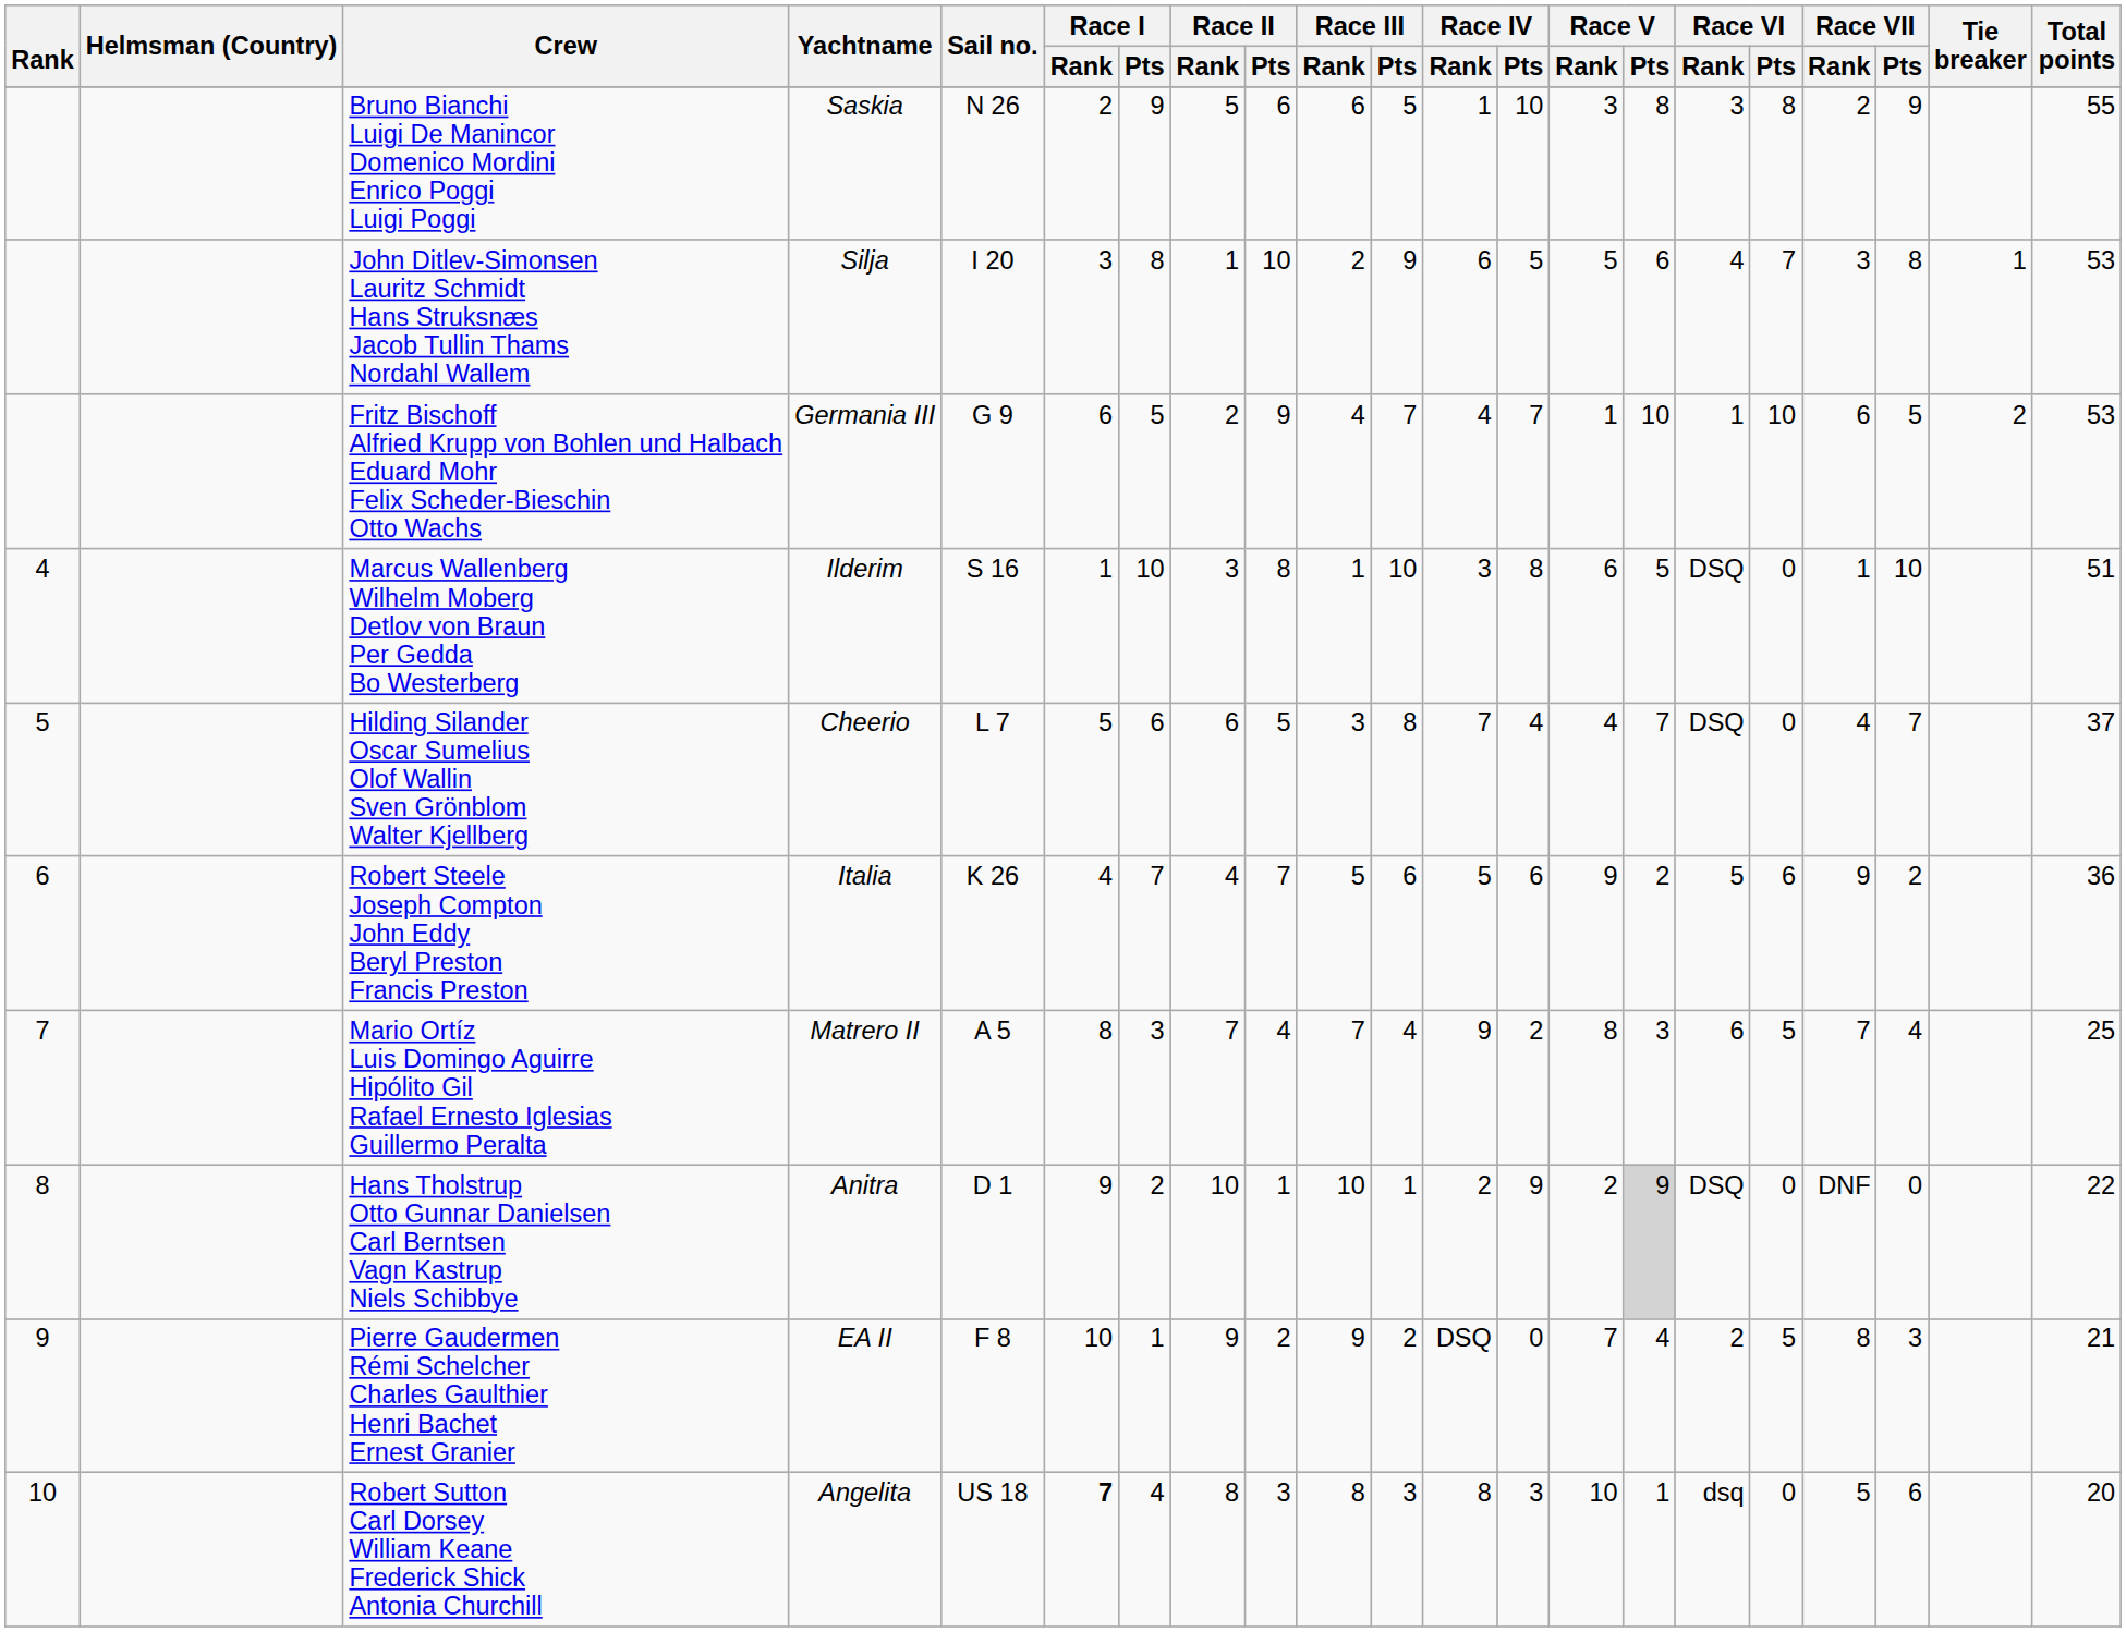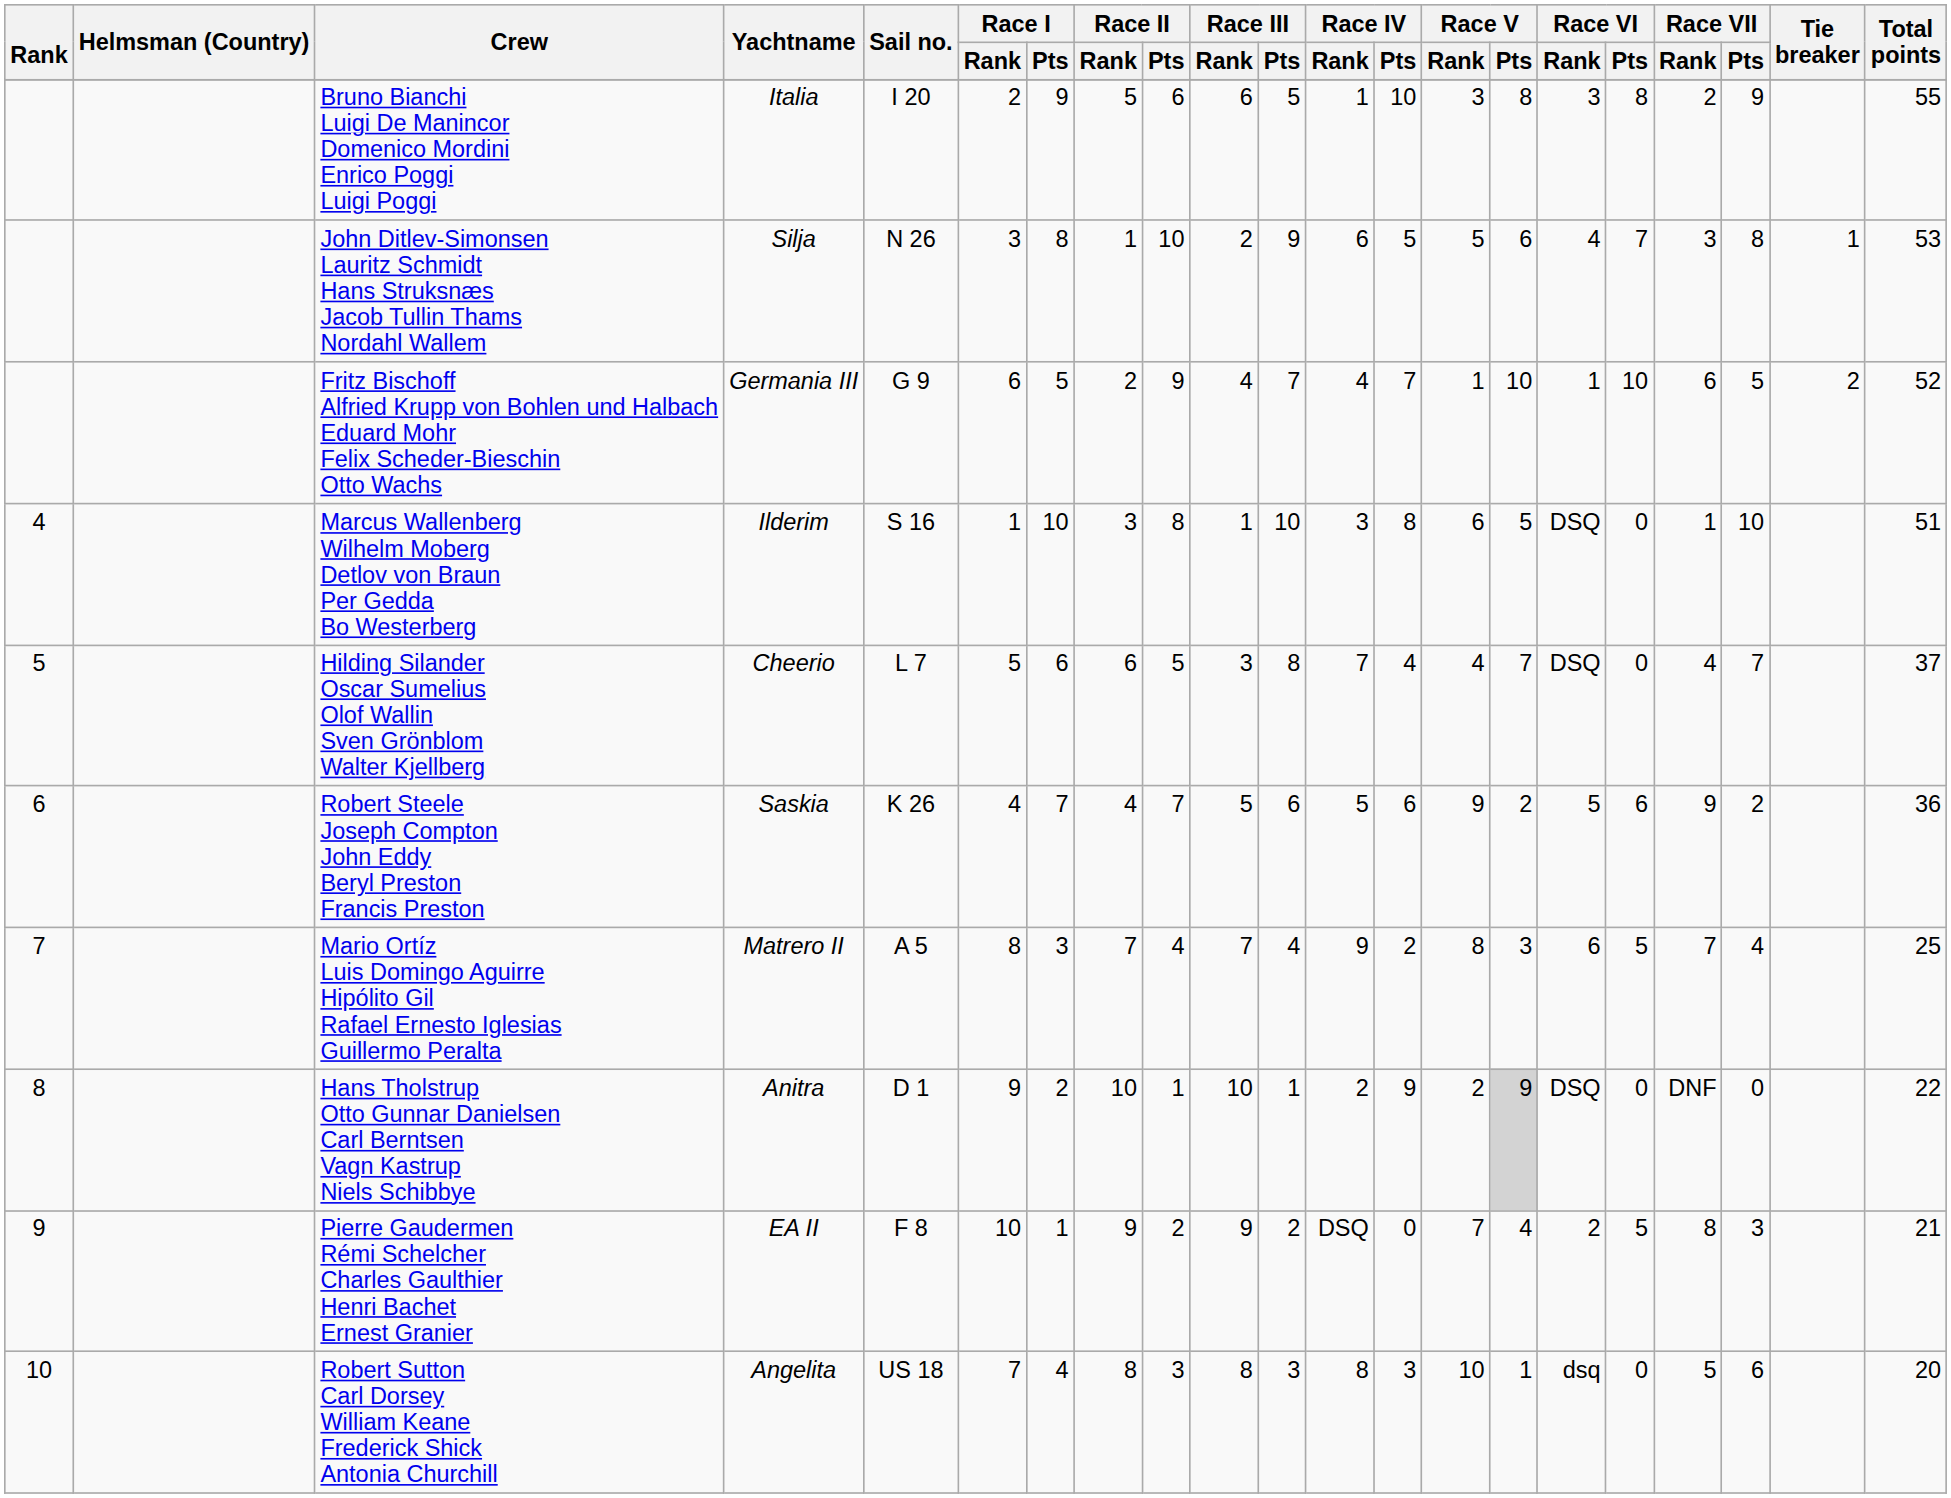 <table class="wikitable" style="text-align:right; font-size:90%">
 <tr>
 <th rowspan="2"><br>Rank</th>
 <th rowspan="2">Helmsman (Country)</th>
 <th rowspan="2">Crew</th>
 <th rowspan="2">Yachtname</th>
 <th rowspan="2">Sail no.</th>
 <th colspan="2">Race I</th>
 <th colspan="2">Race II</th>
 <th colspan="2">Race III</th>
 <th colspan="2">Race IV</th>
 <th colspan="2">Race V</th>
 <th colspan="2">Race VI</th>
 <th colspan="2">Race VII</th>
 <th rowspan="2">Tie<br>breaker</th>
 <th rowspan="2">Total<br>points</th>
 </tr>
 <tr>
 <th>Rank</th>
 <th>Pts</th>
 <th>Rank</th>
 <th>Pts</th>
 <th>Rank</th>
 <th>Pts</th>
 <th>Rank</th>
 <th>Pts</th>
 <th>Rank</th>
 <th>Pts</th>
 <th>Rank</th>
 <th>Pts</th>
 <th>Rank</th>
 <th>Pts</th>
 </tr>
 <tr>
 </tr>
 <tr style="vertical-align:top;">
 <td align=center></td>
 <td align=left></td>
 <td align=left><a href='#'>Bruno Bianchi</a>  <br><a href='#'>Luigi De Manincor</a>  <br> <a href='#'>Domenico Mordini</a>  <br> <a href='#'>Enrico Poggi</a>  <br> <a href='#'>Luigi Poggi</a> </td>
-<td align=center><em>Saskia</em></td>
-<td align=center>N 26</td>
+<td align=center><em>Italia</em></td>
+<td align=center>I 20</td>
 <td>2</td>
 <td>9</td>
 <td>5</td>
 <td>6</td>
 <td>6</td>
 <td>5</td>
 <td>1</td>
 <td>10</td>
 <td>3</td>
 <td>8</td>
 <td>3</td>
 <td>8</td>
 <td>2</td>
 <td>9</td>
 <td></td>
 <td>55</td>
 </tr>
 <tr style="vertical-align:top;">
 <td align=center></td>
 <td align=left></td>
 <td align=left><a href='#'>John Ditlev-Simonsen</a>  <br><a href='#'>Lauritz Schmidt</a>  <br> <a href='#'>Hans Struksnæs</a>  <br> <a href='#'>Jacob Tullin Thams</a>  <br> <a href='#'>Nordahl Wallem</a> </td>
 <td align=center><em>Silja</em></td>
-<td align=center>I 20</td>
+<td align=center>N 26</td>
 <td>3</td>
 <td>8</td>
 <td>1</td>
 <td>10</td>
 <td>2</td>
 <td>9</td>
 <td>6</td>
 <td>5</td>
 <td>5</td>
 <td>6</td>
 <td>4</td>
 <td>7</td>
 <td>3</td>
 <td>8</td>
 <td>1</td>
 <td>53</td>
 </tr>
 <tr style="vertical-align:top;">
 <td align=center></td>
 <td align=left></td>
 <td align=left><a href='#'>Fritz Bischoff</a>  <br><a href='#'>Alfried Krupp von Bohlen und Halbach</a>  <br> <a href='#'>Eduard Mohr</a>  <br> <a href='#'>Felix Scheder-Bieschin</a>  <br> <a href='#'>Otto Wachs</a> </td>
 <td align=center><em>Germania III</em></td>
 <td align=center>G 9</td>
 <td>6</td>
 <td>5</td>
 <td>2</td>
 <td>9</td>
 <td>4</td>
 <td>7</td>
 <td>4</td>
 <td>7</td>
 <td>1</td>
 <td>10</td>
 <td>1</td>
 <td>10</td>
 <td>6</td>
 <td>5</td>
 <td>2</td>
-<td>53</td>
+<td>52</td>
 </tr>
 <tr style="vertical-align:top;">
 <td align=center>4</td>
 <td align=left></td>
 <td align=left><a href='#'>Marcus Wallenberg</a>  <br> <a href='#'>Wilhelm Moberg</a>  <br> <a href='#'>Detlov von Braun</a>  <br> <a href='#'>Per Gedda</a>  <br> <a href='#'>Bo Westerberg</a> </td>
 <td align=center><em>Ilderim</em></td>
 <td align=center>S 16</td>
 <td>1</td>
 <td>10</td>
 <td>3</td>
 <td>8</td>
 <td>1</td>
 <td>10</td>
 <td>3</td>
 <td>8</td>
 <td>6</td>
 <td>5</td>
 <td>DSQ</td>
 <td>0</td>
 <td>1</td>
 <td>10</td>
 <td></td>
 <td>51</td>
 </tr>
 <tr style="vertical-align:top;">
 <td align=center>5</td>
 <td align=left></td>
 <td align=left><a href='#'>Hilding Silander</a>  <br><a href='#'>Oscar Sumelius</a>  <br> <a href='#'>Olof Wallin</a>  <br> <a href='#'>Sven Grönblom</a>  <br> <a href='#'>Walter Kjellberg</a> </td>
 <td align=center><em>Cheerio</em></td>
 <td align=center>L 7</td>
 <td>5</td>
 <td>6</td>
 <td>6</td>
 <td>5</td>
 <td>3</td>
 <td>8</td>
 <td>7</td>
 <td>4</td>
 <td>4</td>
 <td>7</td>
 <td>DSQ</td>
 <td>0</td>
 <td>4</td>
 <td>7</td>
 <td></td>
 <td>37</td>
 </tr>
 <tr style="vertical-align:top;">
 <td align=center>6</td>
 <td align=left></td>
 <td align=left><a href='#'>Robert Steele</a>  <br><a href='#'>Joseph Compton</a>  <br> <a href='#'>John Eddy</a>  <br> <a href='#'>Beryl Preston</a>  <br> <a href='#'>Francis Preston</a> </td>
-<td align=center><em>Italia</em></td>
+<td align=center><em>Saskia</em></td>
 <td align=center>K 26</td>
 <td>4</td>
 <td>7</td>
 <td>4</td>
 <td>7</td>
 <td>5</td>
 <td>6</td>
 <td>5</td>
 <td>6</td>
 <td>9</td>
 <td>2</td>
 <td>5</td>
 <td>6</td>
 <td>9</td>
 <td>2</td>
 <td></td>
 <td>36</td>
 </tr>
 <tr style="vertical-align:top;">
 <td align=center>7</td>
 <td align=left></td>
 <td align=left><a href='#'>Mario Ortíz</a>  <br><a href='#'>Luis Domingo Aguirre</a>  <br> <a href='#'>Hipólito Gil</a>  <br> <a href='#'>Rafael Ernesto Iglesias</a>  <br> <a href='#'>Guillermo Peralta</a> </td>
 <td align=center><em>Matrero II</em></td>
 <td align=center>A 5</td>
 <td>8</td>
 <td>3</td>
 <td>7</td>
 <td>4</td>
 <td>7</td>
 <td>4</td>
 <td>9</td>
 <td>2</td>
 <td>8</td>
 <td>3</td>
 <td>6</td>
 <td>5</td>
 <td>7</td>
 <td>4</td>
 <td></td>
 <td>25</td>
 </tr>
 <tr style="vertical-align:top;">
 <td align=center>8</td>
 <td align=left></td>
 <td align=left><a href='#'>Hans Tholstrup</a>  <br><a href='#'>Otto Gunnar Danielsen</a>  <br> <a href='#'>Carl Berntsen</a>  <br> <a href='#'>Vagn Kastrup</a>  <br> <a href='#'>Niels Schibbye</a> </td>
 <td align=center><em>Anitra</em></td>
 <td align=center>D 1</td>
 <td>9</td>
 <td>2</td>
 <td>10</td>
 <td>1</td>
 <td>10</td>
 <td>1</td>
 <td>2</td>
 <td>9</td>
 <td>2</td>
 <td style="background: lightgrey;">9</td>
 <td>DSQ</td>
 <td>0</td>
 <td>DNF</td>
 <td>0</td>
 <td></td>
 <td>22</td>
 </tr>
 <tr style="vertical-align:top;">
 <td align=center>9</td>
 <td align=left></td>
 <td align=left><a href='#'>Pierre Gaudermen</a>  <br> <a href='#'>Rémi Schelcher</a>  <br> <a href='#'>Charles Gaulthier</a>  <br> <a href='#'>Henri Bachet</a>  <br> <a href='#'>Ernest Granier</a> </td>
 <td align=center><em>EA II</em></td>
 <td align=center>F 8</td>
 <td>10</td>
 <td>1</td>
 <td>9</td>
 <td>2</td>
 <td>9</td>
 <td>2</td>
 <td>DSQ</td>
 <td>0</td>
 <td>7</td>
 <td>4</td>
 <td>2</td>
 <td>5</td>
 <td>8</td>
 <td>3</td>
 <td></td>
 <td>21</td>
 </tr>
 <tr style="vertical-align:top;">
 <td align=center>10</td>
 <td align=left></td>
 <td align=left><a href='#'>Robert Sutton</a>  <br><a href='#'>Carl Dorsey</a>  <br> <a href='#'>William Keane</a>  <br> <a href='#'>Frederick Shick</a>  <br> <a href='#'>Antonia Churchill</a> </td>
 <td align=center><em>Angelita</em></td>
 <td align=center>US 18</td>
-<td><strong>7</strong></td>
+<td>7</td>
 <td>4</td>
 <td>8</td>
 <td>3</td>
 <td>8</td>
 <td>3</td>
 <td>8</td>
 <td>3</td>
 <td>10</td>
 <td>1</td>
 <td>dsq</td>
 <td>0</td>
 <td>5</td>
 <td>6</td>
 <td></td>
 <td>20</td>
 </tr>
 </table>
